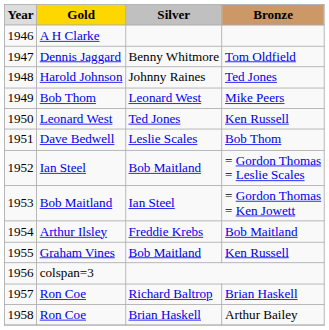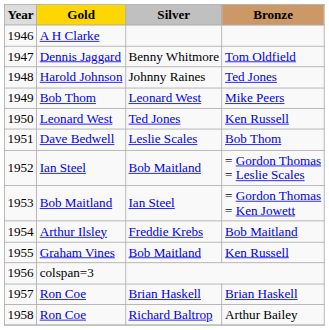 <table class="wikitable" style="text-align:left;">
 <tr style="text-align:center; font-weight:bold;">
 <td style="background:#ddd; ">Year</td>
 <td style="background:gold; ">Gold</td>
 <td style="background:silver; ">Silver</td>
 <td style="background:#c96; ">Bronze</td>
 </tr>
 <tr>
 <td>1946</td>
 <td><a href='#'>A H Clarke</a></td>
 <td></td>
 <td></td>
 </tr>
 <tr>
 <td>1947</td>
 <td><a href='#'>Dennis Jaggard</a></td>
 <td>Benny Whitmore</td>
 <td><a href='#'>Tom Oldfield</a></td>
 </tr>
 <tr>
 <td>1948</td>
 <td><a href='#'>Harold Johnson</a></td>
 <td>Johnny Raines</td>
 <td><a href='#'>Ted Jones</a></td>
 </tr>
 <tr>
 <td>1949</td>
 <td><a href='#'>Bob Thom</a></td>
 <td><a href='#'>Leonard West</a></td>
 <td><a href='#'>Mike Peers</a></td>
 </tr>
 <tr>
 <td>1950</td>
 <td><a href='#'>Leonard West</a></td>
 <td><a href='#'>Ted Jones</a></td>
 <td><a href='#'>Ken Russell</a></td>
 </tr>
 <tr>
 <td>1951</td>
 <td><a href='#'>Dave Bedwell</a></td>
 <td><a href='#'>Leslie Scales</a></td>
 <td><a href='#'>Bob Thom</a></td>
 </tr>
 <tr>
 <td>1952</td>
 <td><a href='#'>Ian Steel</a></td>
 <td><a href='#'>Bob Maitland</a></td>
 <td>= <a href='#'>Gordon Thomas</a><br>= <a href='#'>Leslie Scales</a></td>
 </tr>
 <tr>
 <td>1953</td>
 <td><a href='#'>Bob Maitland</a></td>
 <td><a href='#'>Ian Steel</a></td>
 <td>= <a href='#'>Gordon Thomas</a><br>= <a href='#'>Ken Jowett</a></td>
 </tr>
 <tr>
 <td>1954</td>
 <td><a href='#'>Arthur Ilsley</a></td>
 <td><a href='#'>Freddie Krebs</a></td>
 <td><a href='#'>Bob Maitland</a></td>
 </tr>
 <tr>
 <td>1955</td>
 <td><a href='#'>Graham Vines</a></td>
 <td><a href='#'>Bob Maitland</a></td>
 <td><a href='#'>Ken Russell</a></td>
 </tr>
 <tr>
 <td>1956</td>
 <td>colspan=3 </td>
 </tr>
 <tr>
 <td>1957</td>
 <td><a href='#'>Ron Coe</a></td>
-<td><a href='#'>Richard Baltrop</a></td>
+<td><a href='#'>Brian Haskell</a></td>
 <td><a href='#'>Brian Haskell</a></td>
 </tr>
 <tr>
 <td>1958</td>
 <td><a href='#'>Ron Coe</a></td>
-<td><a href='#'>Brian Haskell</a></td>
+<td><a href='#'>Richard Baltrop</a></td>
 <td>Arthur Bailey</td>
 </tr>
 <tr>
 </tr>
 </table>
